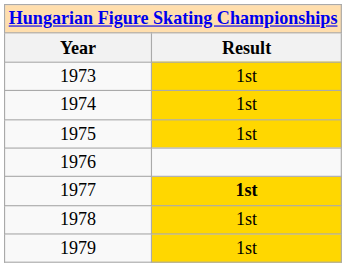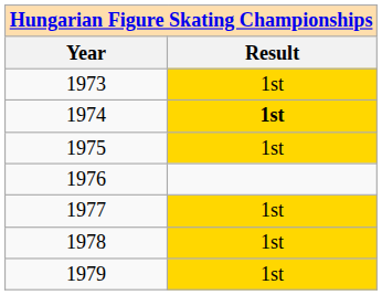 <table class="wikitable" style="text-align:center">
 <tr>
 <th style="background-color: #ffdead;" colspan=2 align=center><a href='#'>Hungarian Figure Skating Championships</a></th>
 </tr>
 <tr>
 <th>Year</th>
 <th>Result</th>
 </tr>
 <tr>
 <td>1973</td>
 <td bgcolor=gold>1st</td>
 </tr>
 <tr>
 <td>1974</td>
-<td bgcolor=gold>1st</td>
+<td bgcolor=gold><strong>1st</strong></td>
 </tr>
 <tr>
 <td>1975</td>
 <td bgcolor=gold>1st</td>
 </tr>
 <tr>
 <td>1976</td>
 <td></td>
 </tr>
 <tr>
 <td>1977</td>
-<td bgcolor=gold><strong>1st</strong></td>
+<td bgcolor=gold>1st</td>
 </tr>
 <tr>
 <td>1978</td>
 <td bgcolor=gold>1st</td>
 </tr>
 <tr>
 <td>1979</td>
 <td bgcolor=gold>1st</td>
 </tr>
 </table>
